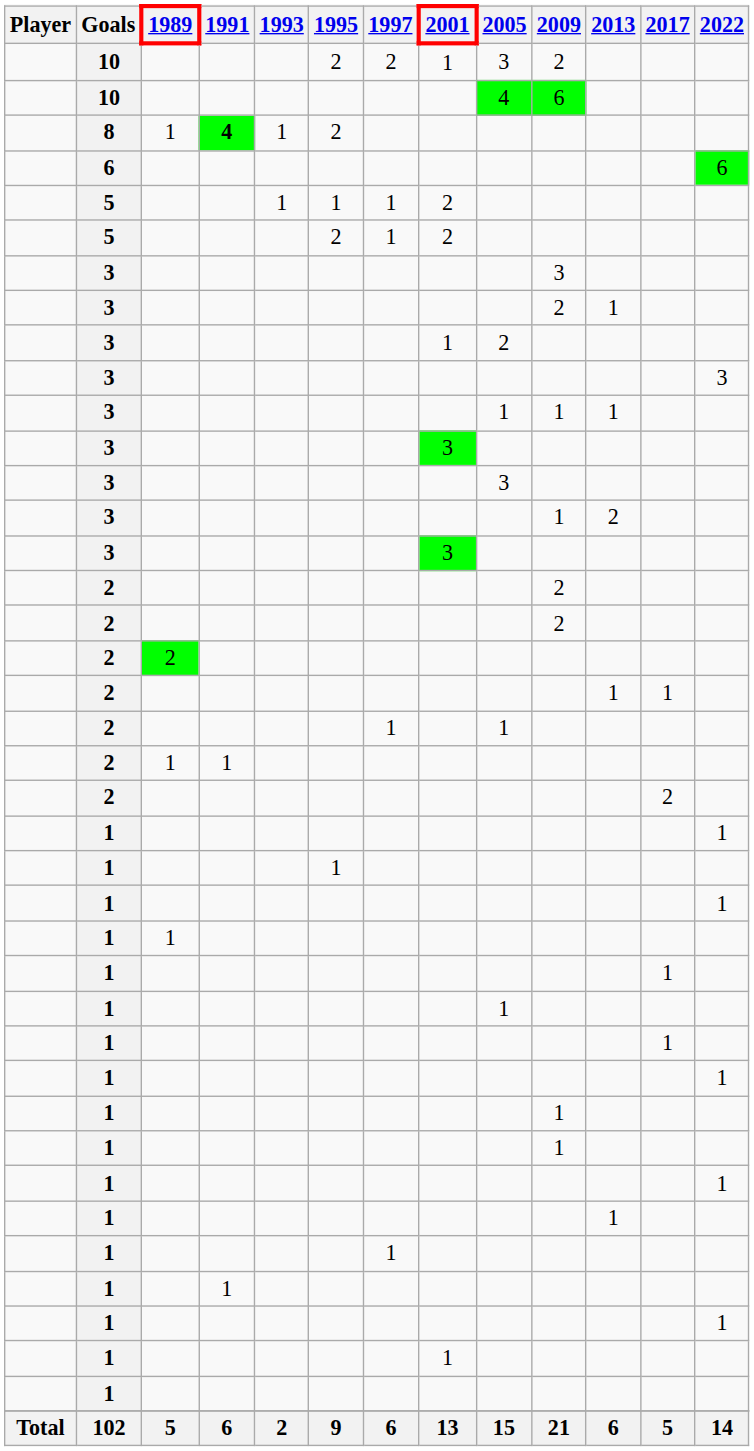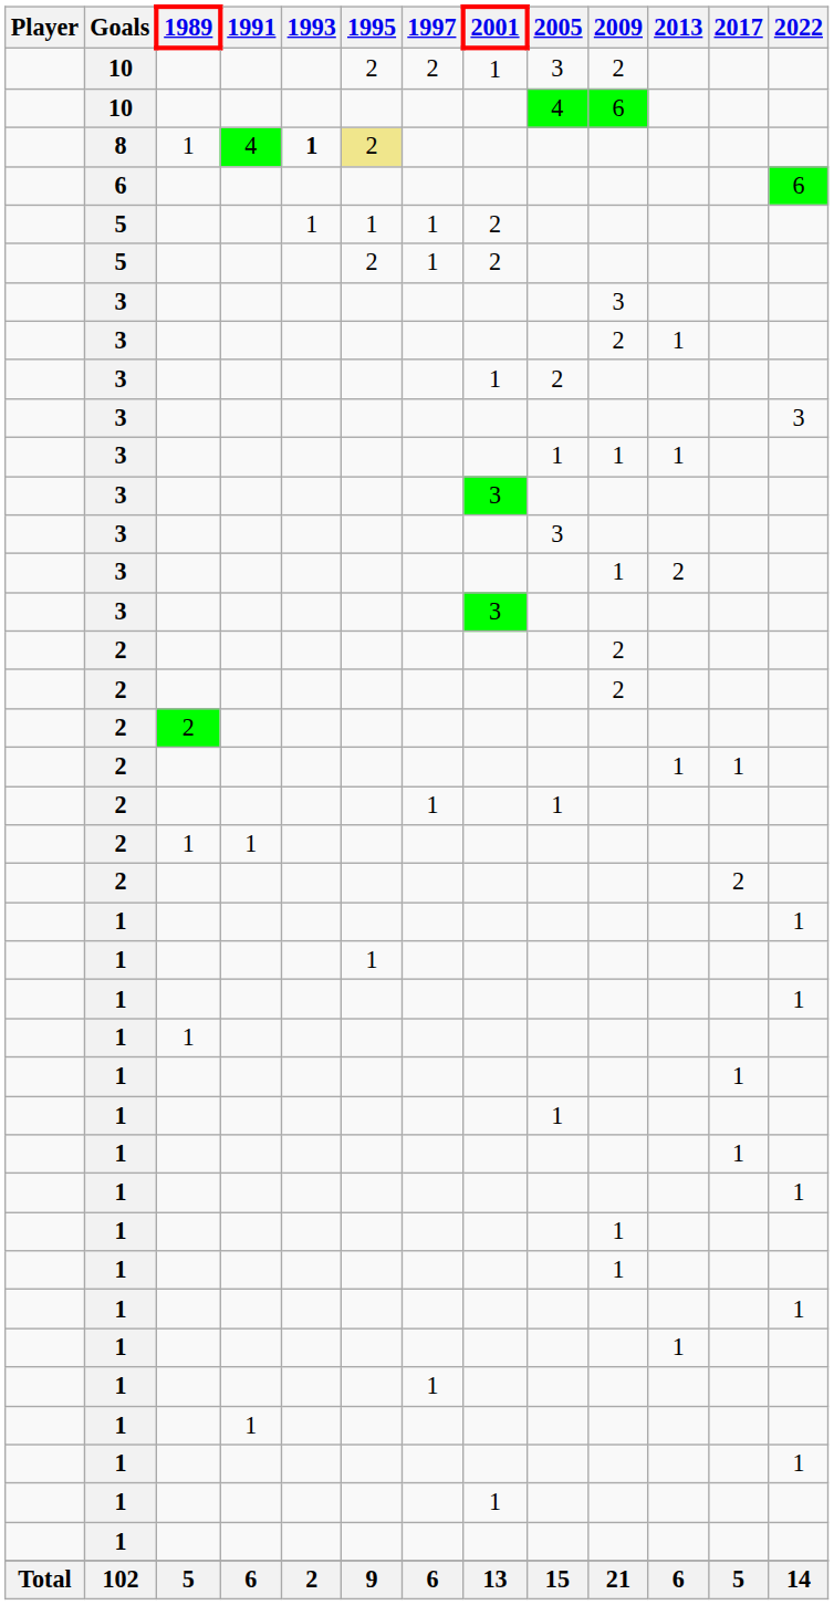 <table class="wikitable sortable" style="text-align:center;">
 <tr>
 <th>Player</th>
 <th>Goals</th>
 <th style="border:3px solid red"><a href='#'>1989</a></th>
 <th><a href='#'>1991</a></th>
 <th><a href='#'>1993</a></th>
 <th><a href='#'>1995</a></th>
 <th><a href='#'>1997</a></th>
 <th style="border:3px solid red"><a href='#'>2001</a></th>
 <th><a href='#'>2005</a></th>
 <th><a href='#'>2009</a></th>
 <th><a href='#'>2013</a></th>
 <th><a href='#'>2017</a></th>
 <th><a href='#'>2022</a></th>
 </tr>
 <tr>
 <td align="left"></td>
 <th>10</th>
 <td></td>
 <td></td>
 <td></td>
 <td>2</td>
 <td>2</td>
 <td>1</td>
 <td>3</td>
 <td>2</td>
 <td></td>
 <td></td>
 <td></td>
 </tr>
 <tr>
 <td align="left"></td>
 <th>10</th>
 <td></td>
 <td></td>
 <td></td>
 <td></td>
 <td></td>
 <td></td>
 <td style="background:#00FF00">4</td>
 <td style="background:#00FF00">6</td>
 <td></td>
 <td></td>
 <td></td>
 </tr>
 <tr>
 <td align="left"></td>
 <th>8</th>
 <td>1</td>
-<td style="background:#00FF00"><strong>4</strong></td>
-<td>1</td>
-<td>2</td>
+<td style="background:#00FF00">4</td>
+<td><strong>1</strong></td>
+<td style="background: khaki;">2</td>
 <td></td>
 <td></td>
 <td></td>
 <td></td>
 <td></td>
 <td></td>
 <td></td>
 </tr>
 <tr>
 <td align="left"></td>
 <th>6</th>
 <td></td>
 <td></td>
 <td></td>
 <td></td>
 <td></td>
 <td></td>
 <td></td>
 <td></td>
 <td></td>
 <td></td>
 <td style="background:#00FF00">6</td>
 </tr>
 <tr>
 <td align="left"></td>
 <th>5</th>
 <td></td>
 <td></td>
 <td>1</td>
 <td>1</td>
 <td>1</td>
 <td>2</td>
 <td></td>
 <td></td>
 <td></td>
 <td></td>
 <td></td>
 </tr>
 <tr>
 <td align="left"></td>
 <th>5</th>
 <td></td>
 <td></td>
 <td></td>
 <td>2</td>
 <td>1</td>
 <td>2</td>
 <td></td>
 <td></td>
 <td></td>
 <td></td>
 <td></td>
 </tr>
 <tr>
 <td align="left"></td>
 <th>3</th>
 <td></td>
 <td></td>
 <td></td>
 <td></td>
 <td></td>
 <td></td>
 <td></td>
 <td>3</td>
 <td></td>
 <td></td>
 <td></td>
 </tr>
 <tr>
 <td align="left"></td>
 <th>3</th>
 <td></td>
 <td></td>
 <td></td>
 <td></td>
 <td></td>
 <td></td>
 <td></td>
 <td>2</td>
 <td>1</td>
 <td></td>
 <td></td>
 </tr>
 <tr>
 <td align="left"></td>
 <th>3</th>
 <td></td>
 <td></td>
 <td></td>
 <td></td>
 <td></td>
 <td>1</td>
 <td>2</td>
 <td></td>
 <td></td>
 <td></td>
 <td></td>
 </tr>
 <tr>
 <td align="left"></td>
 <th>3</th>
 <td></td>
 <td></td>
 <td></td>
 <td></td>
 <td></td>
 <td></td>
 <td></td>
 <td></td>
 <td></td>
 <td></td>
 <td>3</td>
 </tr>
 <tr>
 <td align="left"></td>
 <th>3</th>
 <td></td>
 <td></td>
 <td></td>
 <td></td>
 <td></td>
 <td></td>
 <td>1</td>
 <td>1</td>
 <td>1</td>
 <td></td>
 <td></td>
 </tr>
 <tr>
 <td align="left"></td>
 <th>3</th>
 <td></td>
 <td></td>
 <td></td>
 <td></td>
 <td></td>
 <td style="background:#00FF00">3</td>
 <td></td>
 <td></td>
 <td></td>
 <td></td>
 <td></td>
 </tr>
 <tr>
 <td align="left"></td>
 <th>3</th>
 <td></td>
 <td></td>
 <td></td>
 <td></td>
 <td></td>
 <td></td>
 <td>3</td>
 <td></td>
 <td></td>
 <td></td>
 <td></td>
 </tr>
 <tr>
 <td align="left"></td>
 <th>3</th>
 <td></td>
 <td></td>
 <td></td>
 <td></td>
 <td></td>
 <td></td>
 <td></td>
 <td>1</td>
 <td>2</td>
 <td></td>
 <td></td>
 </tr>
 <tr>
 <td align="left"></td>
 <th>3</th>
 <td></td>
 <td></td>
 <td></td>
 <td></td>
 <td></td>
 <td style="background:#00FF00">3</td>
 <td></td>
 <td></td>
 <td></td>
 <td></td>
 <td></td>
 </tr>
 <tr>
 <td align="left"></td>
 <th>2</th>
 <td></td>
 <td></td>
 <td></td>
 <td></td>
 <td></td>
 <td></td>
 <td></td>
 <td>2</td>
 <td></td>
 <td></td>
 <td></td>
 </tr>
 <tr>
 <td align="left"></td>
 <th>2</th>
 <td></td>
 <td></td>
 <td></td>
 <td></td>
 <td></td>
 <td></td>
 <td></td>
 <td>2</td>
 <td></td>
 <td></td>
 <td></td>
 </tr>
 <tr>
 <td align="left"></td>
 <th>2</th>
 <td style="background:#00FF00">2</td>
 <td></td>
 <td></td>
 <td></td>
 <td></td>
 <td></td>
 <td></td>
 <td></td>
 <td></td>
 <td></td>
 <td></td>
 </tr>
 <tr>
 <td align="left"></td>
 <th>2</th>
 <td></td>
 <td></td>
 <td></td>
 <td></td>
 <td></td>
 <td></td>
 <td></td>
 <td></td>
 <td>1</td>
 <td>1</td>
 <td></td>
 </tr>
 <tr>
 <td align="left"></td>
 <th>2</th>
 <td></td>
 <td></td>
 <td></td>
 <td></td>
 <td>1</td>
 <td></td>
 <td>1</td>
 <td></td>
 <td></td>
 <td></td>
 <td></td>
 </tr>
 <tr>
 <td align="left"></td>
 <th>2</th>
 <td>1</td>
 <td>1</td>
 <td></td>
 <td></td>
 <td></td>
 <td></td>
 <td></td>
 <td></td>
 <td></td>
 <td></td>
 <td></td>
 </tr>
 <tr>
 <td align="left"></td>
 <th>2</th>
 <td></td>
 <td></td>
 <td></td>
 <td></td>
 <td></td>
 <td></td>
 <td></td>
 <td></td>
 <td></td>
 <td>2</td>
 <td></td>
 </tr>
 <tr>
 <td align="left"></td>
 <th>1</th>
 <td></td>
 <td></td>
 <td></td>
 <td></td>
 <td></td>
 <td></td>
 <td></td>
 <td></td>
 <td></td>
 <td></td>
 <td>1</td>
 </tr>
 <tr>
 <td align="left"></td>
 <th>1</th>
 <td></td>
 <td></td>
 <td></td>
 <td>1</td>
 <td></td>
 <td></td>
 <td></td>
 <td></td>
 <td></td>
 <td></td>
 <td></td>
 </tr>
 <tr>
 <td align="left"></td>
 <th>1</th>
 <td></td>
 <td></td>
 <td></td>
 <td></td>
 <td></td>
 <td></td>
 <td></td>
 <td></td>
 <td></td>
 <td></td>
 <td>1</td>
 </tr>
 <tr>
 <td align="left"></td>
 <th>1</th>
 <td>1</td>
 <td></td>
 <td></td>
 <td></td>
 <td></td>
 <td></td>
 <td></td>
 <td></td>
 <td></td>
 <td></td>
 <td></td>
 </tr>
 <tr>
 <td align="left"></td>
 <th>1</th>
 <td></td>
 <td></td>
 <td></td>
 <td></td>
 <td></td>
 <td></td>
 <td></td>
 <td></td>
 <td></td>
 <td>1</td>
 <td></td>
 </tr>
 <tr>
 <td align="left"></td>
 <th>1</th>
 <td></td>
 <td></td>
 <td></td>
 <td></td>
 <td></td>
 <td></td>
 <td>1</td>
 <td></td>
 <td></td>
 <td></td>
 <td></td>
 </tr>
 <tr>
 <td align="left"></td>
 <th>1</th>
 <td></td>
 <td></td>
 <td></td>
 <td></td>
 <td></td>
 <td></td>
 <td></td>
 <td></td>
 <td></td>
 <td>1</td>
 <td></td>
 </tr>
 <tr>
 <td align="left"></td>
 <th>1</th>
 <td></td>
 <td></td>
 <td></td>
 <td></td>
 <td></td>
 <td></td>
 <td></td>
 <td></td>
 <td></td>
 <td></td>
 <td>1</td>
 </tr>
 <tr>
 <td align="left"></td>
 <th>1</th>
 <td></td>
 <td></td>
 <td></td>
 <td></td>
 <td></td>
 <td></td>
 <td></td>
 <td>1</td>
 <td></td>
 <td></td>
 <td></td>
 </tr>
 <tr>
 <td align="left"></td>
 <th>1</th>
 <td></td>
 <td></td>
 <td></td>
 <td></td>
 <td></td>
 <td></td>
 <td></td>
 <td>1</td>
 <td></td>
 <td></td>
 <td></td>
 </tr>
 <tr>
 <td align="left"></td>
 <th>1</th>
 <td></td>
 <td></td>
 <td></td>
 <td></td>
 <td></td>
 <td></td>
 <td></td>
 <td></td>
 <td></td>
 <td></td>
 <td>1</td>
 </tr>
 <tr>
 <td align="left"></td>
 <th>1</th>
 <td></td>
 <td></td>
 <td></td>
 <td></td>
 <td></td>
 <td></td>
 <td></td>
 <td></td>
 <td>1</td>
 <td></td>
 <td></td>
 </tr>
 <tr>
 <td align="left"></td>
 <th>1</th>
 <td></td>
 <td></td>
 <td></td>
 <td></td>
 <td>1</td>
 <td></td>
 <td></td>
 <td></td>
 <td></td>
 <td></td>
 <td></td>
 </tr>
 <tr>
 <td align="left"></td>
 <th>1</th>
 <td></td>
 <td>1</td>
 <td></td>
 <td></td>
 <td></td>
 <td></td>
 <td></td>
 <td></td>
 <td></td>
 <td></td>
 <td></td>
 </tr>
 <tr>
 <td align="left"></td>
 <th>1</th>
 <td></td>
 <td></td>
 <td></td>
 <td></td>
 <td></td>
 <td></td>
 <td></td>
 <td></td>
 <td></td>
 <td></td>
 <td>1</td>
 </tr>
 <tr>
 <td align="left"></td>
 <th>1</th>
 <td></td>
 <td></td>
 <td></td>
 <td></td>
 <td></td>
 <td>1</td>
 <td></td>
 <td></td>
 <td></td>
 <td></td>
 <td></td>
 </tr>
 <tr>
 <td align="left"></td>
 <th>1</th>
 <td></td>
 <td></td>
 <td></td>
 <td></td>
 <td></td>
 <td></td>
 <td></td>
 <td></td>
 <td></td>
 <td></td>
 <td></td>
 </tr>
 <tr>
 </tr>
 <tr class="sortbottom">
 <th>Total</th>
 <th>102</th>
 <th>5</th>
 <th>6</th>
 <th>2</th>
 <th>9</th>
 <th>6</th>
 <th>13</th>
 <th>15</th>
 <th>21</th>
 <th>6</th>
 <th>5</th>
 <th>14</th>
 </tr>
 </table>
